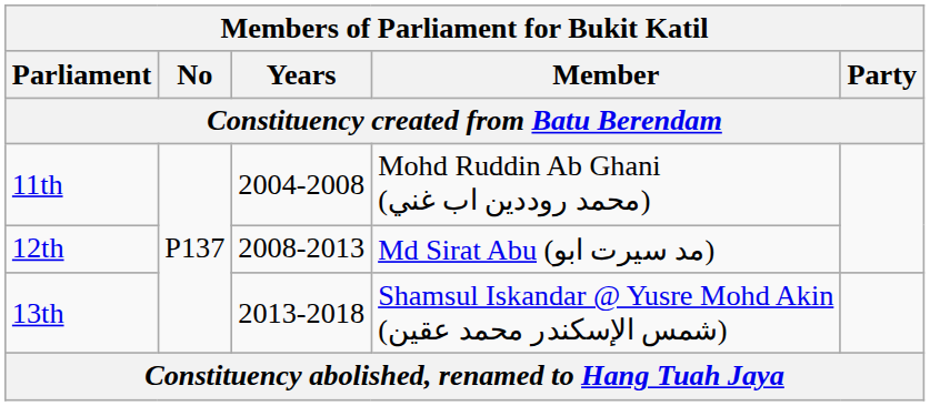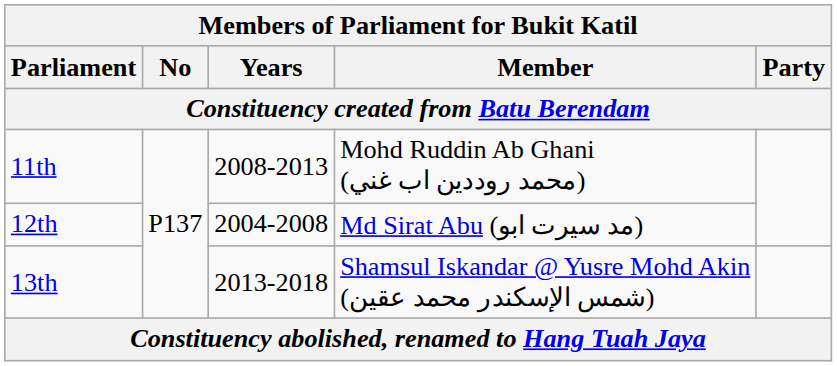 <table class=wikitable>
 <tr>
 <th colspan="5">Members of Parliament for Bukit Katil</th>
 </tr>
 <tr>
 <th>Parliament</th>
 <th>No</th>
 <th>Years</th>
 <th>Member</th>
 <th>Party</th>
 </tr>
 <tr>
 <th colspan="5" align="center"><em>Constituency created from <a href='#'>Batu Berendam</a></em></th>
 </tr>
 <tr>
 <td><a href='#'>11th</a></td>
 <td rowspan="3">P137</td>
-<td>2004-2008</td>
+<td>2008-2013</td>
 <td>Mohd Ruddin Ab Ghani  <br>(محمد روددين اب غني)</td>
 <td rowspan="2"></td>
 </tr>
 <tr>
 <td><a href='#'>12th</a></td>
-<td>2008-2013</td>
+<td>2004-2008</td>
 <td><a href='#'>Md Sirat Abu</a> (مد سيرت ابو)</td>
 </tr>
 <tr>
 <td><a href='#'>13th</a></td>
 <td>2013-2018</td>
 <td><a href='#'>Shamsul Iskandar @ Yusre Mohd Akin</a>  <br>(شمس الإسكندر محمد عقين)</td>
 <td></td>
 </tr>
 <tr>
 <th colspan="5" align="center"><em>Constituency abolished, renamed to <a href='#'>Hang Tuah Jaya</a></em></th>
 </tr>
 </table>
